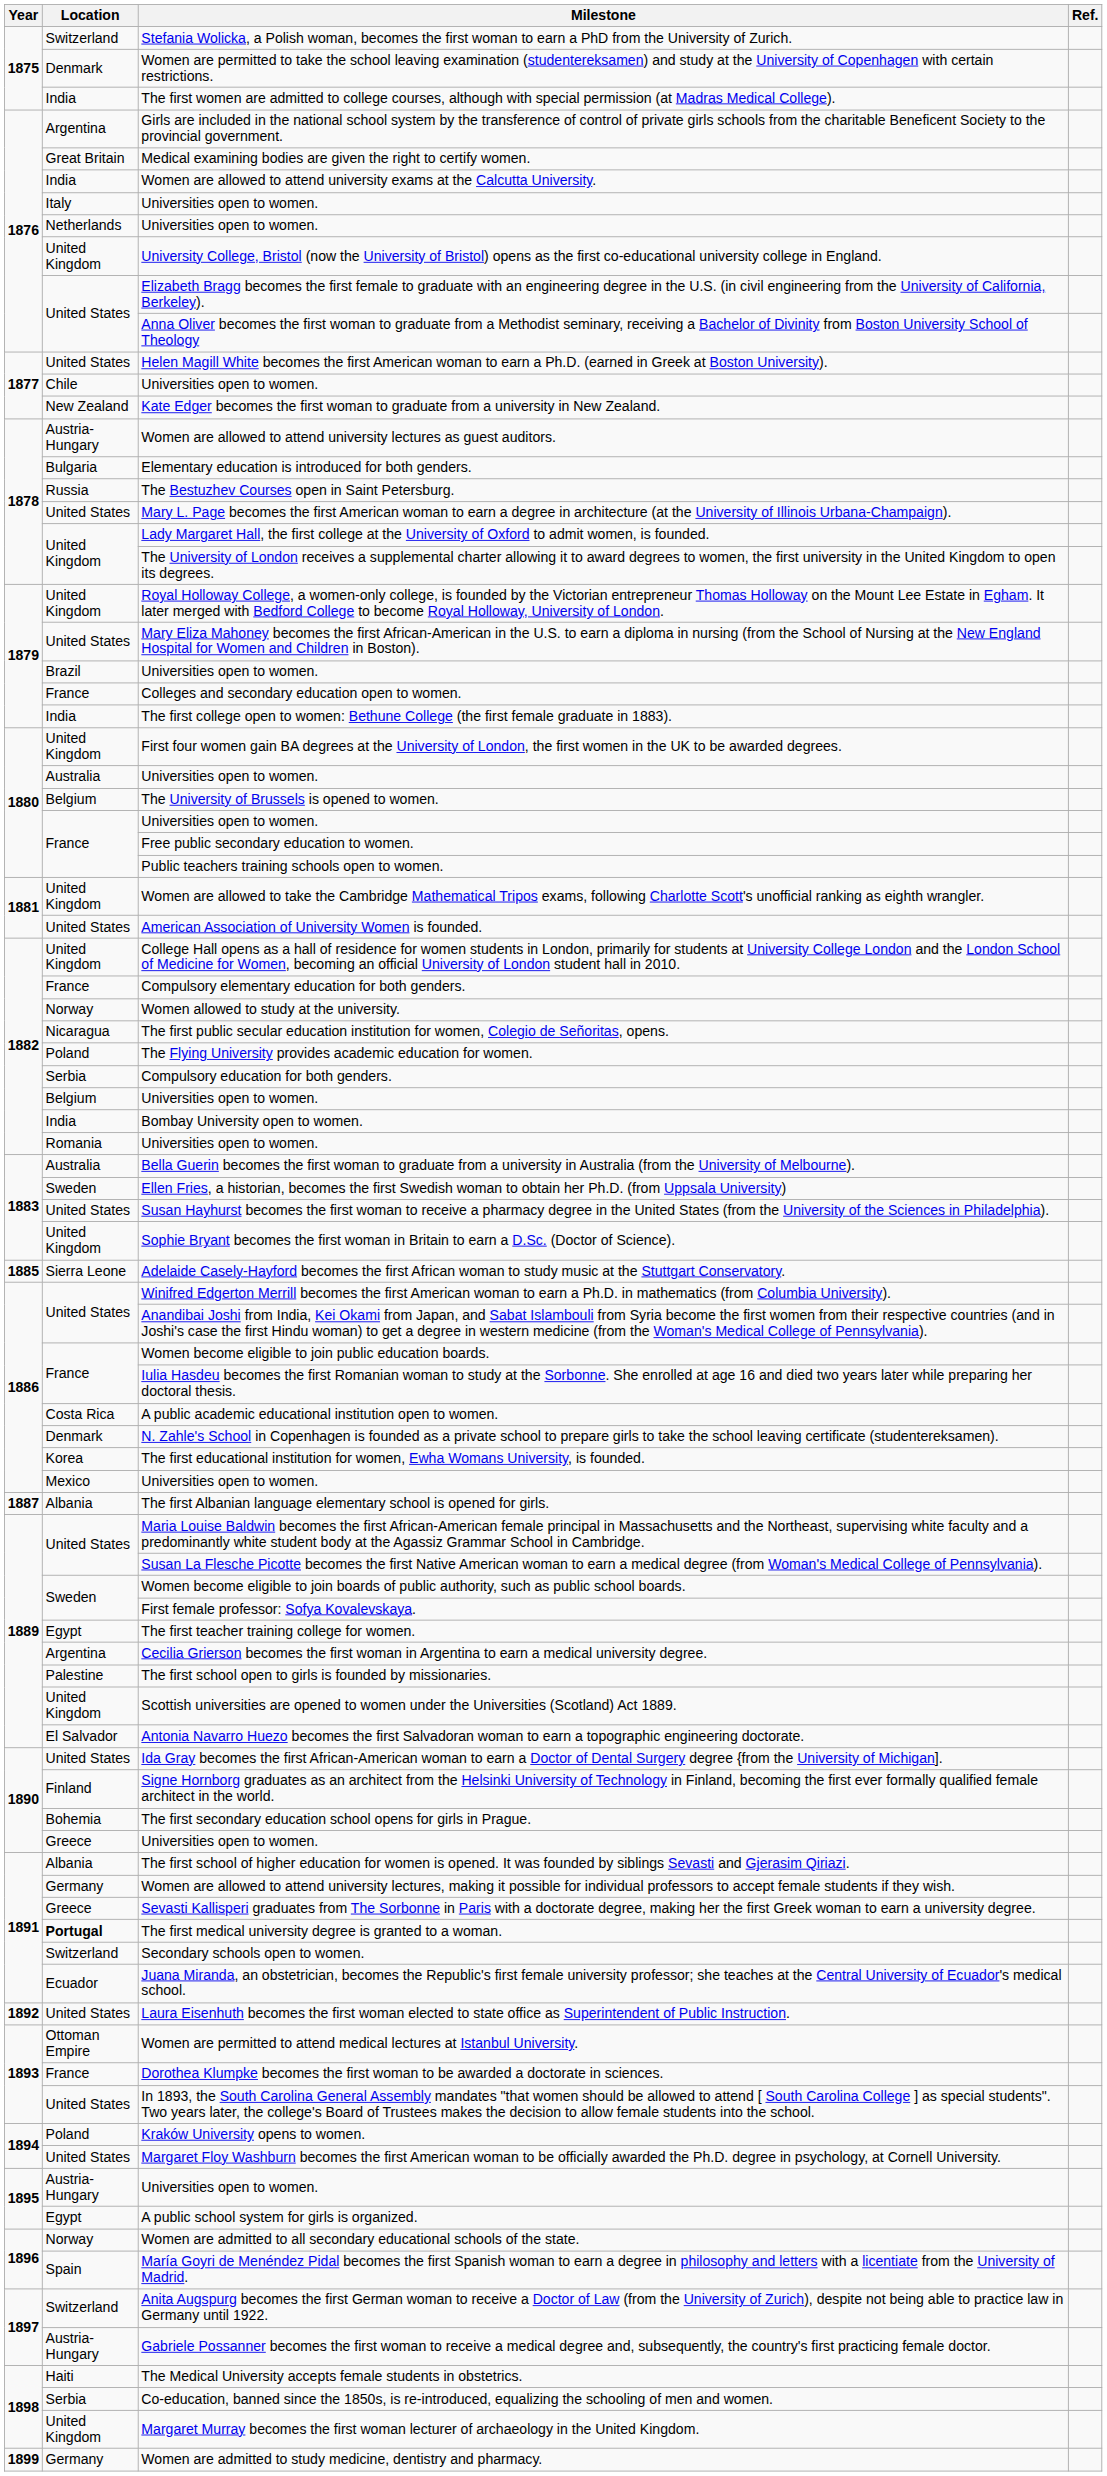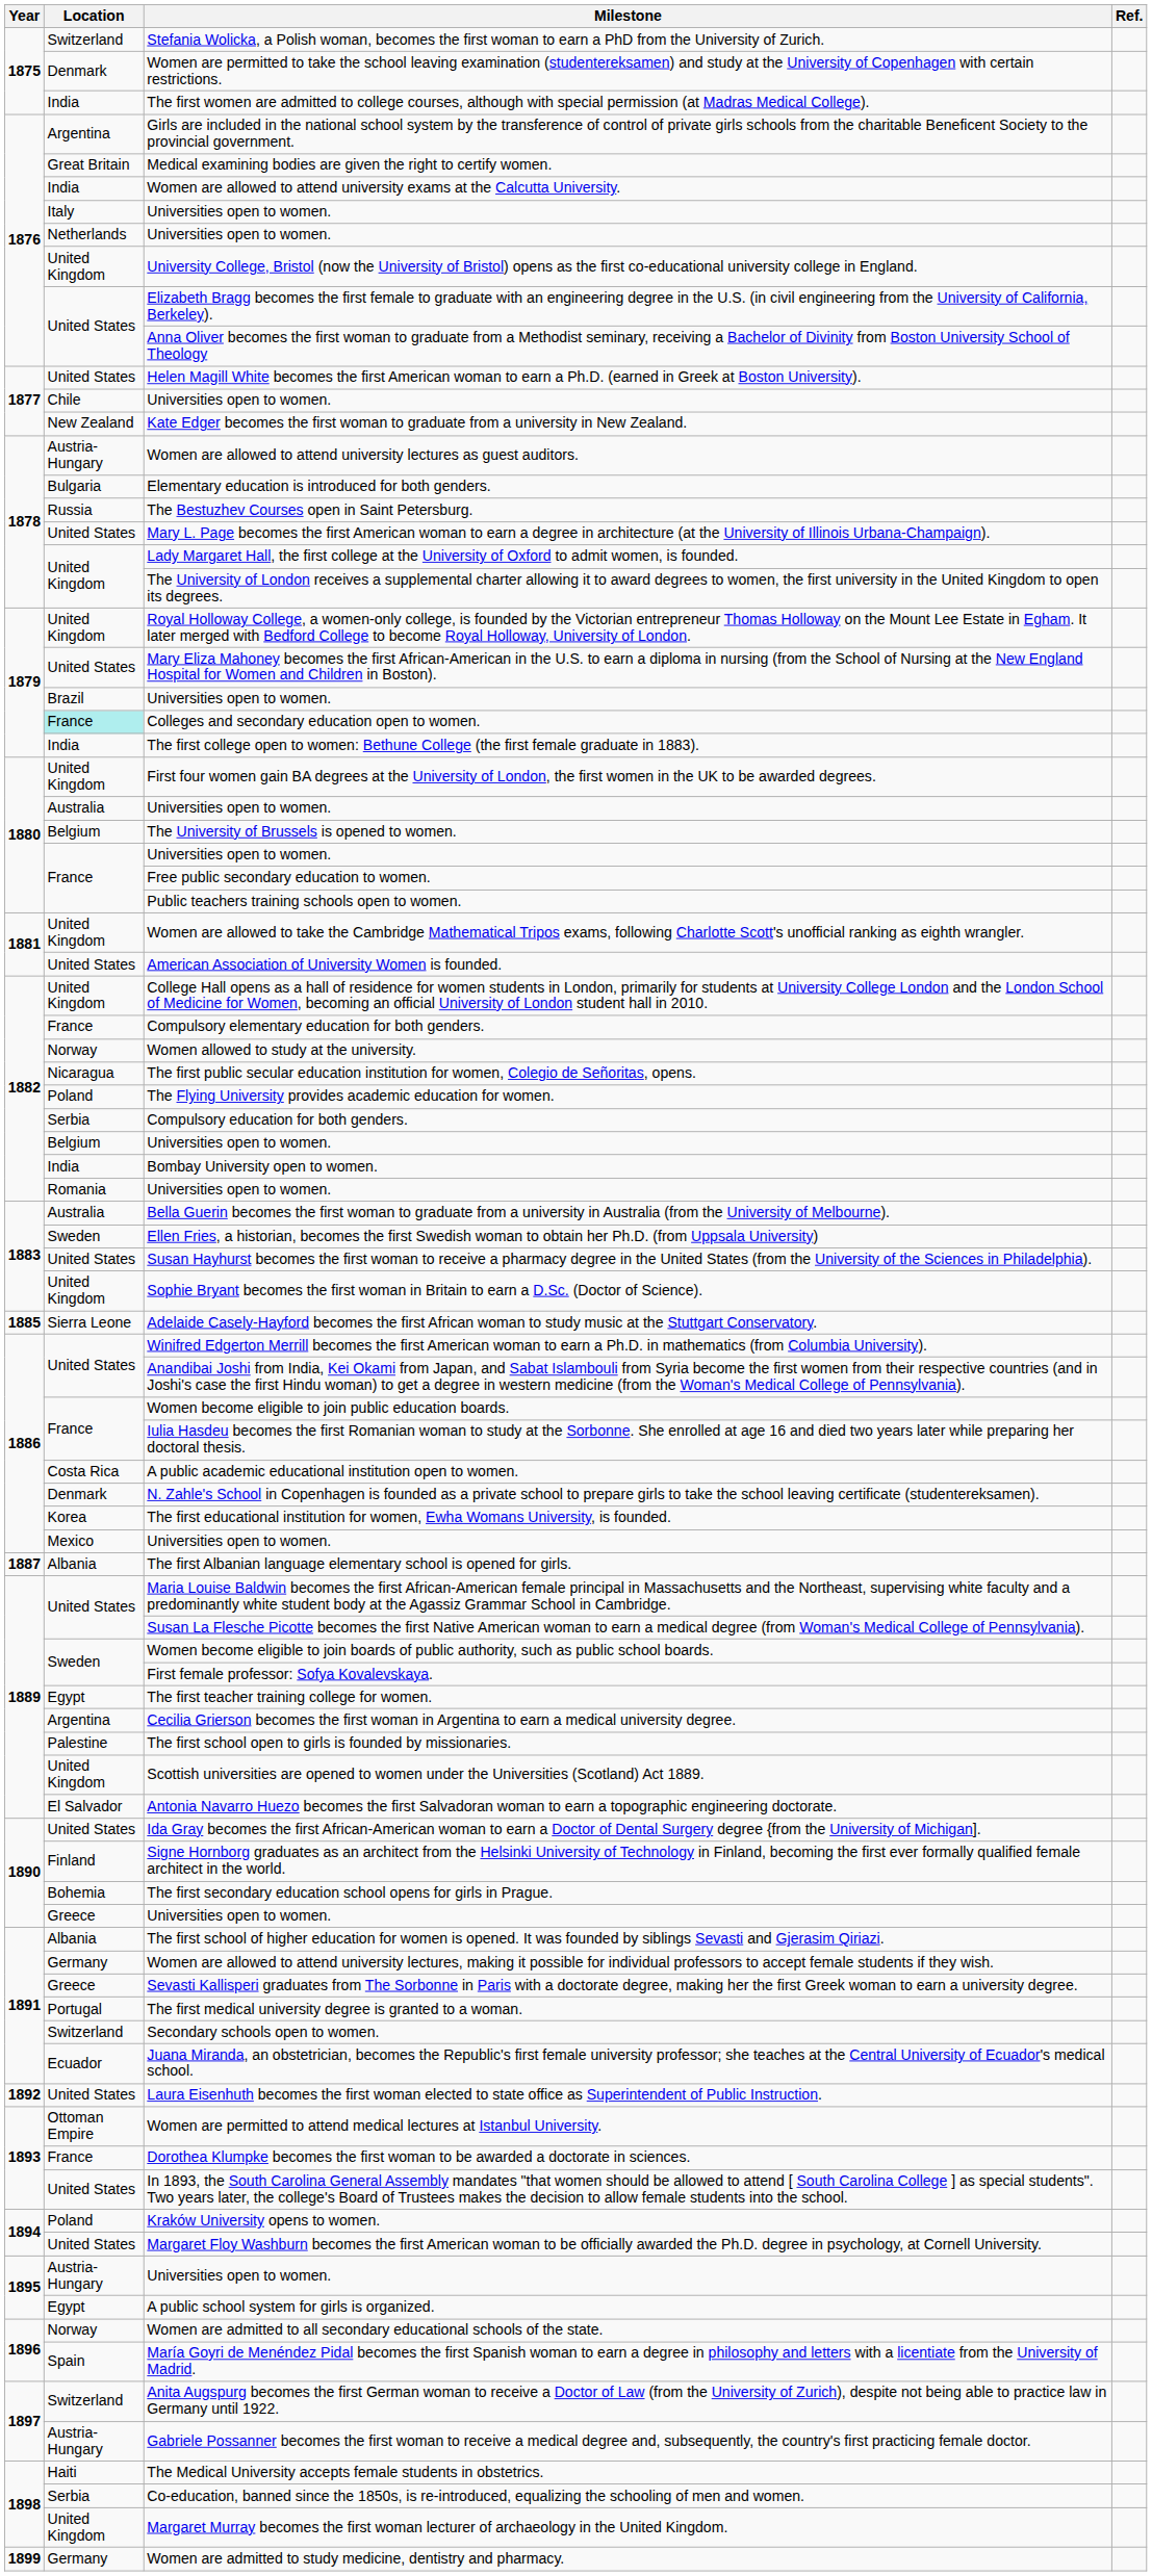 <table class="wikitable sortable">
 <tr>
 <th>Year</th>
 <th>Location</th>
 <th>Milestone</th>
 <th>Ref.</th>
 </tr>
 <tr>
 <td rowspan="3"><strong>1875</strong></td>
 <td>Switzerland</td>
 <td><a href='#'>Stefania Wolicka</a>, a Polish woman, becomes the first woman to earn a PhD from the University of Zurich.</td>
 <td></td>
 </tr>
 <tr>
 <td>Denmark</td>
 <td>Women are permitted to take the school leaving examination (<a href='#'>studentereksamen</a>) and study at the <a href='#'>University of Copenhagen</a> with certain restrictions.</td>
 <td></td>
 </tr>
 <tr>
 <td>India</td>
 <td>The first women are admitted to college courses, although with special permission (at <a href='#'>Madras Medical College</a>).</td>
 <td></td>
 </tr>
 <tr>
 <td rowspan="8"><strong>1876</strong></td>
 <td>Argentina</td>
 <td>Girls are included in the national school system by the transference of control of private girls schools from the charitable Beneficent Society to the provincial government.</td>
 <td></td>
 </tr>
 <tr>
 <td>Great Britain</td>
 <td>Medical examining bodies are given the right to certify women.</td>
 <td></td>
 </tr>
 <tr>
 <td>India</td>
 <td>Women are allowed to attend university exams at the <a href='#'>Calcutta University</a>.</td>
 <td></td>
 </tr>
 <tr>
 <td>Italy</td>
 <td>Universities open to women.</td>
 <td></td>
 </tr>
 <tr>
 <td>Netherlands</td>
 <td>Universities open to women.</td>
 <td></td>
 </tr>
 <tr>
 <td>United Kingdom</td>
 <td><a href='#'>University College, Bristol</a> (now the <a href='#'>University of Bristol</a>) opens as the first co-educational university college in England.</td>
 <td></td>
 </tr>
 <tr>
 <td rowspan="2">United States</td>
 <td><a href='#'>Elizabeth Bragg</a> becomes the first female to graduate with an engineering degree in the U.S. (in civil engineering from the <a href='#'>University of California, Berkeley</a>).</td>
 <td></td>
 </tr>
 <tr>
 <td><a href='#'>Anna Oliver</a> becomes the first woman to graduate from a Methodist seminary, receiving a <a href='#'>Bachelor of Divinity</a> from <a href='#'>Boston University School of Theology</a></td>
 <td></td>
 </tr>
 <tr>
 <td rowspan="3"><strong>1877</strong></td>
 <td>United States</td>
 <td><a href='#'>Helen Magill White</a> becomes the first American woman to earn a Ph.D. (earned in Greek at <a href='#'>Boston University</a>).</td>
 <td></td>
 </tr>
 <tr>
 <td>Chile</td>
 <td>Universities open to women.</td>
 <td></td>
 </tr>
 <tr>
 <td>New Zealand</td>
 <td><a href='#'>Kate Edger</a> becomes the first woman to graduate from a university in New Zealand.</td>
 <td></td>
 </tr>
 <tr>
 <td rowspan="6"><strong>1878</strong></td>
 <td>Austria-Hungary</td>
 <td>Women are allowed to attend university lectures as guest auditors.</td>
 <td></td>
 </tr>
 <tr>
 <td>Bulgaria</td>
 <td>Elementary education is introduced for both genders.</td>
 <td></td>
 </tr>
 <tr>
 <td>Russia</td>
 <td>The <a href='#'>Bestuzhev Courses</a> open in Saint Petersburg.</td>
 <td></td>
 </tr>
 <tr>
 <td>United States</td>
 <td><a href='#'>Mary L. Page</a> becomes the first American woman to earn a degree in architecture (at the <a href='#'>University of Illinois Urbana-Champaign</a>).</td>
 <td></td>
 </tr>
 <tr>
 <td rowspan="2">United Kingdom</td>
 <td><a href='#'>Lady Margaret Hall</a>, the first college at the <a href='#'>University of Oxford</a> to admit women, is founded.</td>
 <td></td>
 </tr>
 <tr>
 <td>The <a href='#'>University of London</a> receives a supplemental charter allowing it to award degrees to women, the first university in the United Kingdom to open its degrees.</td>
 <td></td>
 </tr>
 <tr>
 <td rowspan="5"><strong>1879</strong></td>
 <td>United Kingdom</td>
 <td><a href='#'>Royal Holloway College</a>, a women-only college, is founded by the Victorian entrepreneur <a href='#'>Thomas Holloway</a> on the Mount Lee Estate in <a href='#'>Egham</a>. It later merged with <a href='#'>Bedford College</a> to become <a href='#'>Royal Holloway, University of London</a>.</td>
 <td></td>
 </tr>
 <tr>
 <td>United States</td>
 <td><a href='#'>Mary Eliza Mahoney</a> becomes the first African-American in the U.S. to earn a diploma in nursing (from the School of Nursing at the <a href='#'>New England Hospital for Women and Children</a> in Boston).</td>
 <td></td>
 </tr>
 <tr>
 <td>Brazil</td>
 <td>Universities open to women.</td>
 <td></td>
 </tr>
 <tr>
-<td>France</td>
+<td style="background: paleturquoise;">France</td>
 <td>Colleges and secondary education open to women.</td>
 <td></td>
 </tr>
 <tr>
 <td>India</td>
 <td>The first college open to women: <a href='#'>Bethune College</a> (the first female graduate in 1883).</td>
 <td></td>
 </tr>
 <tr>
 <td rowspan="6"><strong>1880</strong></td>
 <td>United Kingdom</td>
 <td>First four women gain BA degrees at the <a href='#'>University of London</a>, the first women in the UK to be awarded degrees.</td>
 <td></td>
 </tr>
 <tr>
 <td>Australia</td>
 <td>Universities open to women.</td>
 <td></td>
 </tr>
 <tr>
 <td>Belgium</td>
 <td>The <a href='#'>University of Brussels</a> is opened to women.</td>
 <td></td>
 </tr>
 <tr>
 <td rowspan="3">France</td>
 <td>Universities open to women.</td>
 <td></td>
 </tr>
 <tr>
 <td>Free public secondary education to women.</td>
 <td></td>
 </tr>
 <tr>
 <td>Public teachers training schools open to women.</td>
 <td></td>
 </tr>
 <tr>
 <td rowspan="2"><strong>1881</strong></td>
 <td>United Kingdom</td>
 <td>Women are allowed to take the Cambridge <a href='#'>Mathematical Tripos</a> exams, following <a href='#'>Charlotte Scott</a>'s unofficial ranking as eighth wrangler.</td>
 <td></td>
 </tr>
 <tr>
 <td>United States</td>
 <td><a href='#'>American Association of University Women</a> is founded.</td>
 <td></td>
 </tr>
 <tr>
 <td rowspan="9"><strong>1882</strong></td>
 <td>United Kingdom</td>
 <td>College Hall opens as a hall of residence for women students in London, primarily for students at <a href='#'>University College London</a> and the <a href='#'>London School of Medicine for Women</a>, becoming an official <a href='#'>University of London</a> student hall in 2010.</td>
 <td></td>
 </tr>
 <tr>
 <td>France</td>
 <td>Compulsory elementary education for both genders.</td>
 <td></td>
 </tr>
 <tr>
 <td>Norway</td>
 <td>Women allowed to study at the university.</td>
 <td></td>
 </tr>
 <tr>
 <td>Nicaragua</td>
 <td>The first public secular education institution for women, <a href='#'>Colegio de Señoritas</a>, opens.</td>
 <td></td>
 </tr>
 <tr>
 <td>Poland</td>
 <td>The <a href='#'>Flying University</a> provides academic education for women.</td>
 <td></td>
 </tr>
 <tr>
 <td>Serbia</td>
 <td>Compulsory education for both genders.</td>
 <td></td>
 </tr>
 <tr>
 <td>Belgium</td>
 <td>Universities open to women.</td>
 <td></td>
 </tr>
 <tr>
 <td>India</td>
 <td>Bombay University open to women.</td>
 <td></td>
 </tr>
 <tr>
 <td>Romania</td>
 <td>Universities open to women.</td>
 <td></td>
 </tr>
 <tr>
 <td rowspan="4"><strong>1883</strong></td>
 <td>Australia</td>
 <td><a href='#'>Bella Guerin</a> becomes the first woman to graduate from a university in Australia (from the <a href='#'>University of Melbourne</a>).</td>
 <td></td>
 </tr>
 <tr>
 <td>Sweden</td>
 <td><a href='#'>Ellen Fries</a>, a historian, becomes the first Swedish woman to obtain her Ph.D. (from <a href='#'>Uppsala University</a>)</td>
 <td></td>
 </tr>
 <tr>
 <td>United States</td>
 <td><a href='#'>Susan Hayhurst</a> becomes the first woman to receive a pharmacy degree in the United States (from the <a href='#'>University of the Sciences in Philadelphia</a>).</td>
 <td></td>
 </tr>
 <tr>
 <td>United Kingdom</td>
 <td><a href='#'>Sophie Bryant</a> becomes the first woman in Britain to earn a <a href='#'>D.Sc.</a> (Doctor of Science).</td>
 <td></td>
 </tr>
 <tr>
 <td><strong>1885</strong></td>
 <td>Sierra Leone</td>
 <td><a href='#'>Adelaide Casely-Hayford</a> becomes the first African woman to study music at the <a href='#'>Stuttgart Conservatory</a>.</td>
 <td></td>
 </tr>
 <tr>
 <td rowspan="8"><strong>1886</strong></td>
 <td rowspan="2">United States</td>
 <td><a href='#'>Winifred Edgerton Merrill</a> becomes the first American woman to earn a Ph.D. in mathematics (from <a href='#'>Columbia University</a>).</td>
 <td></td>
 </tr>
 <tr>
 <td><a href='#'>Anandibai Joshi</a> from India, <a href='#'>Kei Okami</a> from Japan, and <a href='#'>Sabat Islambouli</a> from Syria become the first women from their respective countries (and in Joshi's case the first Hindu woman) to get a degree in western medicine (from the <a href='#'>Woman's Medical College of Pennsylvania</a>).</td>
 <td></td>
 </tr>
 <tr>
 <td rowspan="2">France</td>
 <td>Women become eligible to join public education boards.</td>
 <td></td>
 </tr>
 <tr>
 <td><a href='#'>Iulia Hasdeu</a> becomes the first Romanian woman to study at the <a href='#'>Sorbonne</a>. She enrolled at age 16 and died two years later while preparing her doctoral thesis.</td>
 <td></td>
 </tr>
 <tr>
 <td>Costa Rica</td>
 <td>A public academic educational institution open to women.</td>
 <td></td>
 </tr>
 <tr>
 <td>Denmark</td>
 <td><a href='#'>N. Zahle's School</a> in Copenhagen is founded as a private school to prepare girls to take the school leaving certificate (studentereksamen).</td>
 <td></td>
 </tr>
 <tr>
 <td>Korea</td>
 <td>The first educational institution for women, <a href='#'>Ewha Womans University</a>, is founded.</td>
 <td></td>
 </tr>
 <tr>
 <td>Mexico</td>
 <td>Universities open to women.</td>
 <td></td>
 </tr>
 <tr>
 <td><strong>1887</strong></td>
 <td>Albania</td>
 <td>The first Albanian language elementary school is opened for girls.</td>
 <td></td>
 </tr>
 <tr>
 <td rowspan="9"><strong>1889</strong></td>
 <td rowspan="2">United States</td>
 <td><a href='#'>Maria Louise Baldwin</a> becomes the first African-American female principal in Massachusetts and the Northeast, supervising white faculty and a predominantly white student body at the Agassiz Grammar School in Cambridge.</td>
 <td></td>
 </tr>
 <tr>
 <td><a href='#'>Susan La Flesche Picotte</a> becomes the first Native American woman to earn a medical degree (from <a href='#'>Woman's Medical College of Pennsylvania</a>).</td>
 <td></td>
 </tr>
 <tr>
 <td rowspan="2">Sweden</td>
 <td>Women become eligible to join boards of public authority, such as public school boards.</td>
 <td></td>
 </tr>
 <tr>
 <td>First female professor: <a href='#'>Sofya Kovalevskaya</a>.</td>
 <td></td>
 </tr>
 <tr>
 <td>Egypt</td>
 <td>The first teacher training college for women.</td>
 <td></td>
 </tr>
 <tr>
 <td>Argentina</td>
 <td><a href='#'>Cecilia Grierson</a> becomes the first woman in Argentina to earn a medical university degree.</td>
 <td></td>
 </tr>
 <tr>
 <td>Palestine</td>
 <td>The first school open to girls is founded by missionaries.</td>
 <td></td>
 </tr>
 <tr>
 <td>United Kingdom</td>
 <td>Scottish universities are opened to women under the Universities (Scotland) Act 1889.</td>
 <td></td>
 </tr>
 <tr>
 <td>El Salvador</td>
 <td><a href='#'>Antonia Navarro Huezo</a> becomes the first Salvadoran woman to earn a topographic engineering doctorate.</td>
 <td></td>
 </tr>
 <tr>
 <td rowspan="4"><strong>1890</strong></td>
 <td>United States</td>
 <td><a href='#'>Ida Gray</a> becomes the first African-American woman to earn a <a href='#'>Doctor of Dental Surgery</a> degree {from the <a href='#'>University of Michigan</a>].</td>
 <td></td>
 </tr>
 <tr>
 <td>Finland</td>
 <td><a href='#'>Signe Hornborg</a> graduates as an architect from the <a href='#'>Helsinki University of Technology</a> in Finland, becoming the first ever formally qualified female architect in the world.</td>
 <td></td>
 </tr>
 <tr>
 <td>Bohemia</td>
 <td>The first secondary education school opens for girls in Prague.</td>
 <td></td>
 </tr>
 <tr>
 <td>Greece</td>
 <td>Universities open to women.</td>
 <td></td>
 </tr>
 <tr>
 <td rowspan="6"><strong>1891</strong></td>
 <td>Albania</td>
 <td>The first school of higher education for women is opened. It was founded by siblings <a href='#'>Sevasti</a> and <a href='#'>Gjerasim Qiriazi</a>.</td>
 <td></td>
 </tr>
 <tr>
 <td>Germany</td>
 <td>Women are allowed to attend university lectures, making it possible for individual professors to accept female students if they wish.</td>
 <td></td>
 </tr>
 <tr>
 <td>Greece</td>
 <td><a href='#'>Sevasti Kallisperi</a> graduates from <a href='#'>The Sorbonne</a> in <a href='#'>Paris</a> with a doctorate degree, making her the first Greek woman to earn a university degree.</td>
 </tr>
 <tr>
-<td><strong>Portugal</strong></td>
+<td>Portugal</td>
 <td>The first medical university degree is granted to a woman.</td>
 <td></td>
 </tr>
 <tr>
 <td>Switzerland</td>
 <td>Secondary schools open to women.</td>
 <td></td>
 </tr>
 <tr>
 <td>Ecuador</td>
 <td><a href='#'>Juana Miranda</a>, an obstetrician, becomes the Republic's first female university professor; she teaches at the <a href='#'>Central University of Ecuador</a>'s medical school.</td>
 <td></td>
 </tr>
 <tr>
 <td><strong>1892</strong></td>
 <td>United States</td>
 <td><a href='#'>Laura Eisenhuth</a> becomes the first woman elected to state office as <a href='#'>Superintendent of Public Instruction</a>.</td>
 <td></td>
 </tr>
 <tr>
 <td rowspan="3"><strong>1893</strong></td>
 <td>Ottoman Empire</td>
 <td>Women are permitted to attend medical lectures at <a href='#'>Istanbul University</a>.</td>
 <td></td>
 </tr>
 <tr>
 <td>France</td>
 <td><a href='#'>Dorothea Klumpke</a> becomes the first woman to be awarded a doctorate in sciences.</td>
 <td></td>
 </tr>
 <tr>
 <td>United States</td>
 <td>In 1893, the <a href='#'>South Carolina General Assembly</a> mandates "that women should be allowed to attend  [ <a href='#'>South Carolina College</a> ] as special students". Two years later, the college's Board of Trustees makes the decision to allow female students into the school.</td>
 <td></td>
 </tr>
 <tr>
 <td rowspan="2"><strong>1894</strong></td>
 <td>Poland</td>
 <td><a href='#'>Kraków University</a> opens to women.</td>
 <td></td>
 </tr>
 <tr>
 <td>United States</td>
 <td><a href='#'>Margaret Floy Washburn</a> becomes the first American woman to be officially awarded the Ph.D. degree in psychology,  at Cornell University.</td>
 <td></td>
 </tr>
 <tr>
 <td rowspan="2"><strong>1895</strong></td>
 <td>Austria-Hungary</td>
 <td>Universities open to women.</td>
 <td></td>
 </tr>
 <tr>
 <td>Egypt</td>
 <td>A public school system for girls is organized.</td>
 <td></td>
 </tr>
 <tr>
 <td rowspan="2"><strong>1896</strong></td>
 <td>Norway</td>
 <td>Women are admitted to all secondary educational schools of the state.</td>
 <td></td>
 </tr>
 <tr>
 <td>Spain</td>
 <td><a href='#'>María Goyri de Menéndez Pidal</a> becomes the first Spanish woman to earn a degree in <a href='#'>philosophy and letters</a> with a <a href='#'>licentiate</a> from the <a href='#'>University of Madrid</a>.</td>
 <td></td>
 </tr>
 <tr>
 <td rowspan="2"><strong>1897</strong></td>
 <td>Switzerland</td>
 <td><a href='#'>Anita Augspurg</a> becomes the first German woman to receive a <a href='#'>Doctor of Law</a> (from the <a href='#'>University of Zurich</a>), despite not being able to practice law in Germany until 1922.</td>
 <td></td>
 </tr>
 <tr>
 <td>Austria-Hungary</td>
 <td><a href='#'>Gabriele Possanner</a> becomes the first woman to receive a medical degree and, subsequently, the country's first practicing female doctor.</td>
 <td></td>
 </tr>
 <tr>
 <td rowspan="3"><strong>1898</strong></td>
 <td>Haiti</td>
 <td>The Medical University accepts female students in obstetrics.</td>
 <td></td>
 </tr>
 <tr>
 <td>Serbia</td>
 <td>Co-education, banned since the 1850s, is re-introduced, equalizing the schooling of men and women.</td>
 <td></td>
 </tr>
 <tr>
 <td>United Kingdom</td>
 <td><a href='#'>Margaret Murray</a> becomes the first woman lecturer of archaeology in the United Kingdom.</td>
 <td></td>
 </tr>
 <tr>
 <td><strong>1899</strong></td>
 <td>Germany</td>
 <td>Women are admitted to study medicine, dentistry and pharmacy.</td>
 <td></td>
 </tr>
 </table>
